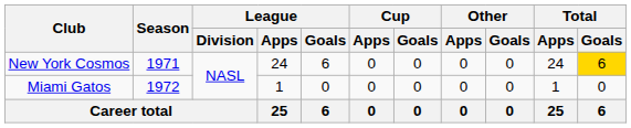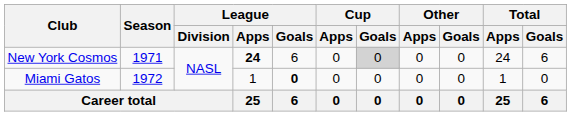 <table class="wikitable" style="text-align: center">
 <tr>
 <th rowspan="2">Club</th>
 <th rowspan="2">Season</th>
 <th colspan="3">League</th>
 <th colspan="2">Cup</th>
 <th colspan="2">Other</th>
 <th colspan="2">Total</th>
 </tr>
 <tr>
 <th>Division</th>
 <th>Apps</th>
 <th>Goals</th>
 <th>Apps</th>
 <th>Goals</th>
 <th>Apps</th>
 <th>Goals</th>
 <th>Apps</th>
 <th>Goals</th>
 </tr>
 <tr>
 <td><a href='#'>New York Cosmos</a></td>
 <td><a href='#'>1971</a></td>
 <td rowspan="2"><a href='#'>NASL</a></td>
-<td>24</td>
+<td><strong>24</strong></td>
 <td>6</td>
 <td>0</td>
-<td>0</td>
+<td style="background: lightgrey;">0</td>
 <td>0</td>
 <td>0</td>
 <td>24</td>
-<td style="background: gold;">6</td>
+<td>6</td>
 </tr>
 <tr>
 <td><a href='#'>Miami Gatos</a></td>
 <td><a href='#'>1972</a></td>
 <td>1</td>
-<td>0</td>
+<td><strong>0</strong></td>
 <td>0</td>
 <td>0</td>
 <td>0</td>
 <td>0</td>
 <td>1</td>
 <td>0</td>
 </tr>
 <tr>
 <th colspan="3"><strong>Career total</strong></th>
 <th>25</th>
 <th>6</th>
 <th>0</th>
 <th>0</th>
 <th>0</th>
 <th>0</th>
 <th>25</th>
 <th>6</th>
 </tr>
 </table>
